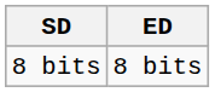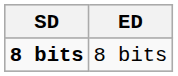 <table class="wikitable">
 <tr>
 <th>SD</th>
 <th>ED</th>
 </tr>
 <tr>
-<td>8 bits</td>
+<td><strong>8 bits</strong></td>
 <td>8 bits</td>
 </tr>
 </table>
